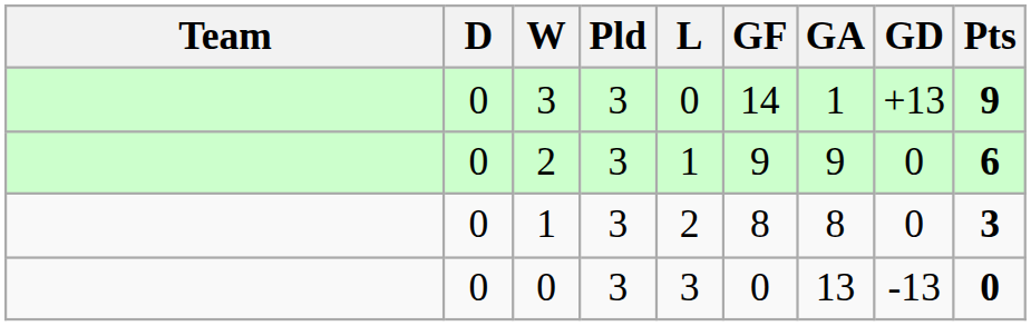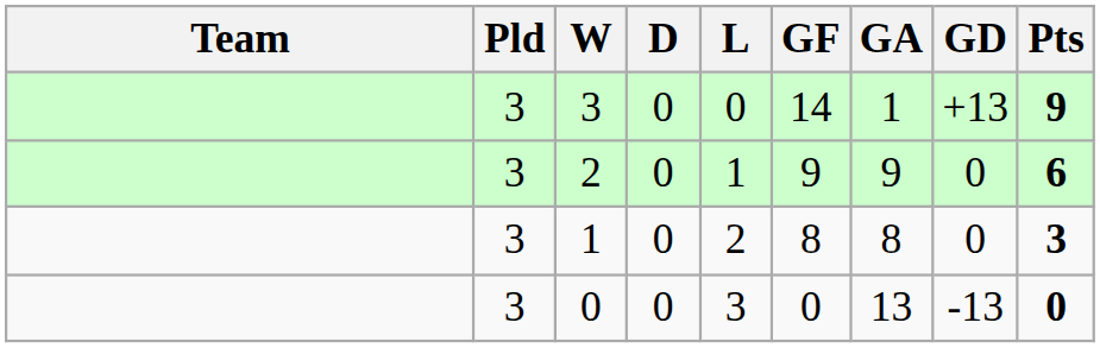 <table class="wikitable" style="text-align: center;">
 <tr>
 <th width=170>Team</th>
+<th width=20>Pld</th>
+<th width=20>W</th>
 <th width=20>D</th>
-<th width=20>W</th>
-<th width=20>Pld</th>
 <th width=20>L</th>
 <th width=20>GF</th>
 <th width=20>GA</th>
 <th width=20>GD</th>
 <th width=20>Pts</th>
 </tr>
 <tr bgcolor=ccffcc>
 <td align="left"></td>
-<td>0</td>
 <td>3</td>
 <td>3</td>
+<td>0</td>
 <td>0</td>
 <td>14</td>
 <td>1</td>
 <td>+13</td>
 <td><strong>9</strong></td>
 </tr>
 <tr bgcolor=ccffcc>
 <td align="left"></td>
+<td>3</td>
+<td>2</td>
 <td>0</td>
-<td>2</td>
-<td>3</td>
 <td>1</td>
 <td>9</td>
 <td>9</td>
 <td>0</td>
 <td><strong>6</strong></td>
 </tr>
 <tr>
 <td align="left"></td>
+<td>3</td>
+<td>1</td>
 <td>0</td>
-<td>1</td>
-<td>3</td>
 <td>2</td>
 <td>8</td>
 <td>8</td>
 <td>0</td>
 <td><strong>3</strong></td>
 </tr>
 <tr>
 <td align="left"></td>
+<td>3</td>
 <td>0</td>
 <td>0</td>
-<td>3</td>
 <td>3</td>
 <td>0</td>
 <td>13</td>
 <td>-13</td>
 <td><strong>0</strong></td>
 </tr>
 </table>
